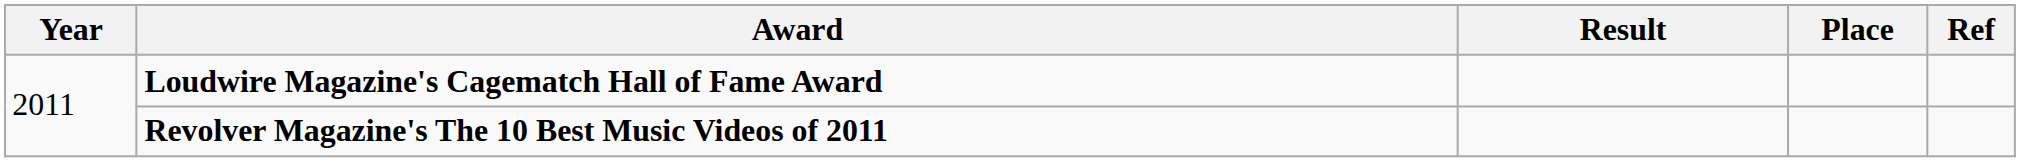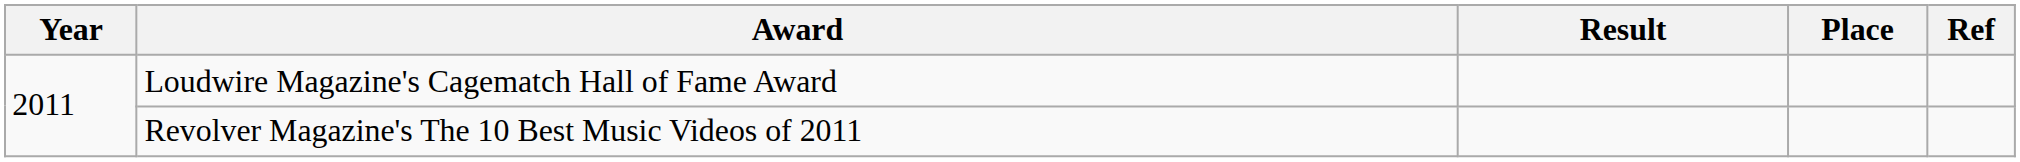 <table class="wikitable" style="width:80%;">
 <tr>
 <th style="width:4%;">Year</th>
 <th style="width:40%;">Award</th>
 <th style="width:10%;">Result</th>
 <th style="width:4%;">Place</th>
 <th style="width:2%;">Ref</th>
 </tr>
 <tr>
 <td rowspan="2">2011</td>
-<td><strong>Loudwire Magazine's Cagematch Hall of Fame Award</strong></td>
+<td>Loudwire Magazine's Cagematch Hall of Fame Award</td>
 <td></td>
 <td></td>
 <td></td>
 </tr>
 <tr>
-<td><strong>Revolver Magazine's The 10 Best Music Videos of 2011</strong></td>
+<td>Revolver Magazine's The 10 Best Music Videos of 2011</td>
 <td></td>
 <td></td>
 <td></td>
 </tr>
 </table>
